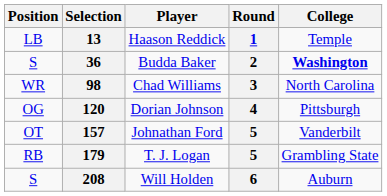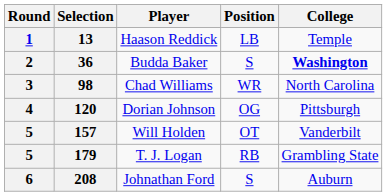 <table class="wikitable" style="text-align:center">
 <tr>
-<th>Position</th>
+<th>Round</th>
 <th>Selection</th>
 <th>Player</th>
-<th>Round</th>
+<th>Position</th>
 <th>College</th>
 </tr>
 <tr>
-<td><a href='#'>LB</a></td>
+<th><a href='#'>1</a></th>
 <th>13</th>
 <td><a href='#'>Haason Reddick</a></td>
-<th><a href='#'>1</a></th>
+<td><a href='#'>LB</a></td>
 <td><a href='#'>Temple</a></td>
 </tr>
 <tr>
-<td><a href='#'>S</a></td>
+<th>2</th>
 <th>36</th>
 <td><a href='#'>Budda Baker</a></td>
-<th>2</th>
+<td><a href='#'>S</a></td>
 <td><strong><a href='#'>Washington</a></strong></td>
 </tr>
 <tr>
-<td><a href='#'>WR</a></td>
+<th>3</th>
 <th>98</th>
 <td><a href='#'>Chad Williams</a></td>
-<th>3</th>
+<td><a href='#'>WR</a></td>
 <td><a href='#'>North Carolina</a></td>
 </tr>
 <tr>
-<td><a href='#'>OG</a></td>
+<th>4</th>
 <th>120</th>
 <td><a href='#'>Dorian Johnson</a></td>
-<th>4</th>
+<td><a href='#'>OG</a></td>
 <td><a href='#'>Pittsburgh</a></td>
 </tr>
 <tr>
+<th>5</th>
+<th>157</th>
+<td><a href='#'>Will Holden</a></td>
 <td><a href='#'>OT</a></td>
-<th>157</th>
-<td><a href='#'>Johnathan Ford</a></td>
-<th>5</th>
 <td><a href='#'>Vanderbilt</a></td>
 </tr>
 <tr>
-<td><a href='#'>RB</a></td>
+<th>5</th>
 <th>179</th>
 <td><a href='#'>T. J. Logan</a></td>
-<th>5</th>
+<td><a href='#'>RB</a></td>
 <td><a href='#'>Grambling State</a></td>
 </tr>
 <tr>
+<th>6</th>
+<th>208</th>
+<td><a href='#'>Johnathan Ford</a></td>
 <td><a href='#'>S</a></td>
-<th>208</th>
-<td><a href='#'>Will Holden</a></td>
-<th>6</th>
 <td><a href='#'>Auburn</a></td>
 </tr>
 </table>
